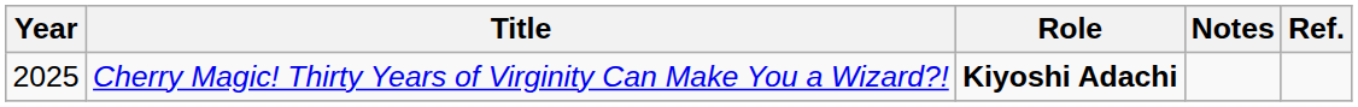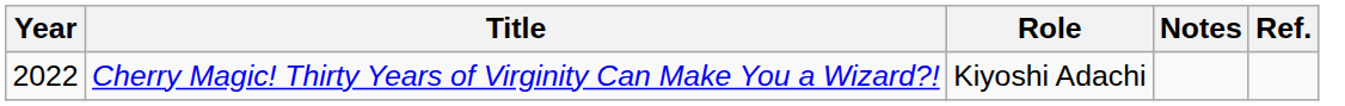 <table class="wikitable">
 <tr>
 <th>Year</th>
 <th>Title</th>
 <th>Role</th>
 <th>Notes</th>
 <th>Ref.</th>
 </tr>
 <tr>
-<td>2025</td>
+<td>2022</td>
 <td><em><a href='#'>Cherry Magic! Thirty Years of Virginity Can Make You a Wizard?!</a></em></td>
-<td><strong>Kiyoshi Adachi</strong></td>
+<td>Kiyoshi Adachi</td>
 <td></td>
 <td></td>
 </tr>
 </table>
